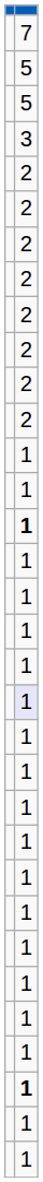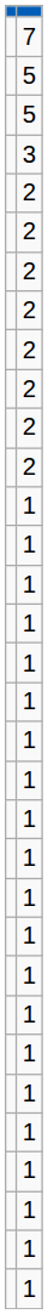 <table class="wikitable sortable">
 <tr>
 <th style="background:#005EB8;"></th>
 <th style="background:#005EB8;"></th>
 </tr>
 <tr>
 <td><strong><a href='#'></a></strong></td>
 <td align="center">7</td>
 </tr>
 <tr>
 <td><strong><a href='#'></a></strong></td>
 <td align="center">5</td>
 </tr>
 <tr>
 <td><strong><a href='#'></a></strong></td>
 <td align="center">5</td>
 </tr>
 <tr>
 <td><strong><a href='#'></a></strong></td>
 <td align="center">3</td>
 </tr>
 <tr>
 <td><strong><a href='#'></a></strong></td>
 <td align="center">2</td>
 </tr>
 <tr>
 <td><strong><a href='#'></a></strong></td>
 <td align="center">2</td>
 </tr>
 <tr>
 <td><strong><a href='#'></a></strong></td>
 <td align="center">2</td>
 </tr>
 <tr>
 <td><strong><a href='#'></a></strong></td>
 <td align="center">2</td>
 </tr>
 <tr>
 <td><strong><a href='#'></a></strong></td>
 <td align="center">2</td>
 </tr>
 <tr>
 <td><strong><a href='#'></a></strong></td>
 <td align="center">2</td>
 </tr>
 <tr>
 <td><strong><a href='#'></a></strong></td>
 <td align="center">2</td>
 </tr>
 <tr>
 <td><strong><a href='#'></a></strong></td>
 <td align="center">2</td>
 </tr>
 <tr>
 <td><strong><a href='#'></a></strong></td>
 <td align="center">1</td>
 </tr>
 <tr>
 <td><strong><a href='#'></a></strong></td>
 <td align="center">1</td>
 </tr>
 <tr>
 <td><strong><a href='#'></a></strong></td>
-<td align="center"><strong>1</strong></td>
-</tr>
-<tr>
-<td><strong><a href='#'></a></strong></td>
 <td align="center">1</td>
-</tr>
-<tr>
-<td><strong><a href='#'></a></strong></td>
-<td align="center">1</td>
-</tr>
-<tr>
-<td><strong><a href='#'></a></strong></td>
-<td align="center">1</td>
-</tr>
-<tr>
-<td><strong><a href='#'></a></strong></td>
-<td align="center">1</td>
-</tr>
-<tr>
-<td><strong><a href='#'></a></strong></td>
-<td align="center" style="background: lavender;">1</td>
 </tr>
 <tr>
 <td><strong><a href='#'></a></strong></td>
 <td align="center">1</td>
 </tr>
 <tr>
 <td><strong><a href='#'></a></strong></td>
 <td align="center">1</td>
 </tr>
 <tr>
 <td><strong><a href='#'></a></strong></td>
 <td align="center">1</td>
 </tr>
 <tr>
 <td><strong><a href='#'></a></strong></td>
 <td align="center">1</td>
 </tr>
 <tr>
 <td><strong><a href='#'></a></strong></td>
 <td align="center">1</td>
 </tr>
 <tr>
 <td><strong><a href='#'></a></strong></td>
 <td align="center">1</td>
 </tr>
 <tr>
 <td><strong><a href='#'></a></strong></td>
 <td align="center">1</td>
 </tr>
 <tr>
 <td><strong><a href='#'></a></strong></td>
 <td align="center">1</td>
 </tr>
 <tr>
 <td><strong><a href='#'></a></strong></td>
 <td align="center">1</td>
 </tr>
 <tr>
 <td><strong><a href='#'></a></strong></td>
 <td align="center">1</td>
 </tr>
 <tr>
 <td><strong><a href='#'></a></strong></td>
-<td align="center"><strong>1</strong></td>
+<td align="center">1</td>
+</tr>
+<tr>
+<td><strong><a href='#'></a></strong></td>
+<td align="center">1</td>
+</tr>
+<tr>
+<td><strong><a href='#'></a></strong></td>
+<td align="center">1</td>
+</tr>
+<tr>
+<td><strong><a href='#'></a></strong></td>
+<td align="center">1</td>
+</tr>
+<tr>
+<td><strong><a href='#'></a></strong></td>
+<td align="center">1</td>
+</tr>
+<tr>
+<td><strong><a href='#'></a></strong></td>
+<td align="center">1</td>
 </tr>
 <tr>
 <td><strong><a href='#'></a></strong></td>
 <td align="center">1</td>
 </tr>
 <tr>
 <td><strong><a href='#'></a></strong></td>
 <td align="center">1</td>
 </tr>
 </table>
